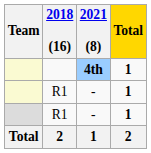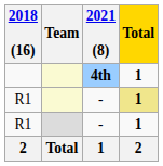 <table class="wikitable" style="text-align:center; font-size:85%;">
 <tr>
+<th><a href='#'>2018</a><br><br>(16)</th>
 <th>Team</th>
-<th><a href='#'>2018</a><br><br>(16)</th>
 <th><a href='#'>2021</a><br><br>(8)</th>
 <td bgcolor=gold><strong>Total</strong></td>
 </tr>
 <tr>
+<td></td>
 <td align=left bgcolor=FAFAD2></td>
-<td></td>
 <td bgcolor=#9acdff><strong>4th</strong></td>
 <td><strong>1</strong></td>
 </tr>
 <tr>
+<td>R1<br></td>
 <td align=left bgcolor=FAFAD2></td>
+<td>-</td>
+<td style="background: khaki;"><strong>1</strong></td>
+</tr>
+<tr>
 <td>R1<br></td>
+<td align=left bgcolor=DCDCDC></td>
 <td>-</td>
 <td><strong>1</strong></td>
 </tr>
 <tr>
-<td align=left bgcolor=DCDCDC></td>
-<td>R1<br></td>
-<td>-</td>
-<td><strong>1</strong></td>
-</tr>
-<tr>
+<th>2</th>
 <th>Total</th>
-<th>2</th>
 <th>1</th>
 <th>2</th>
 </tr>
 </table>
